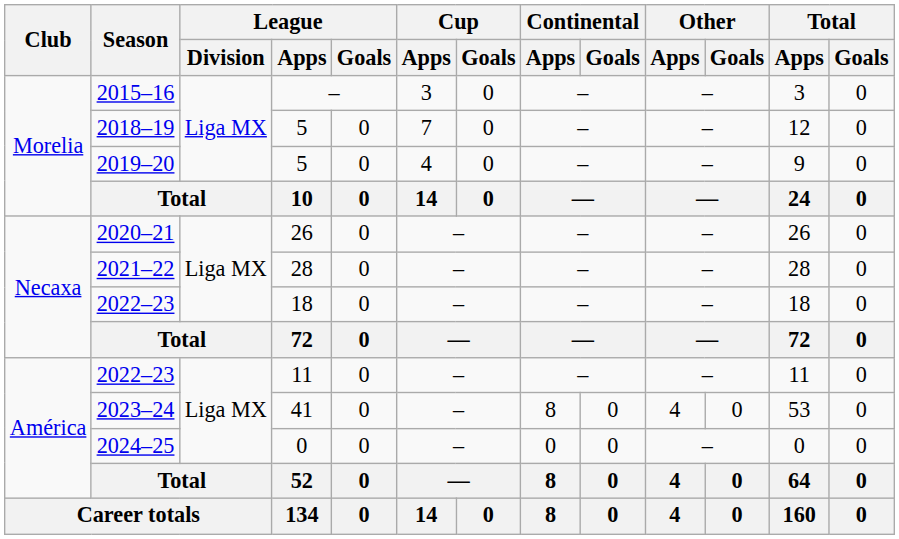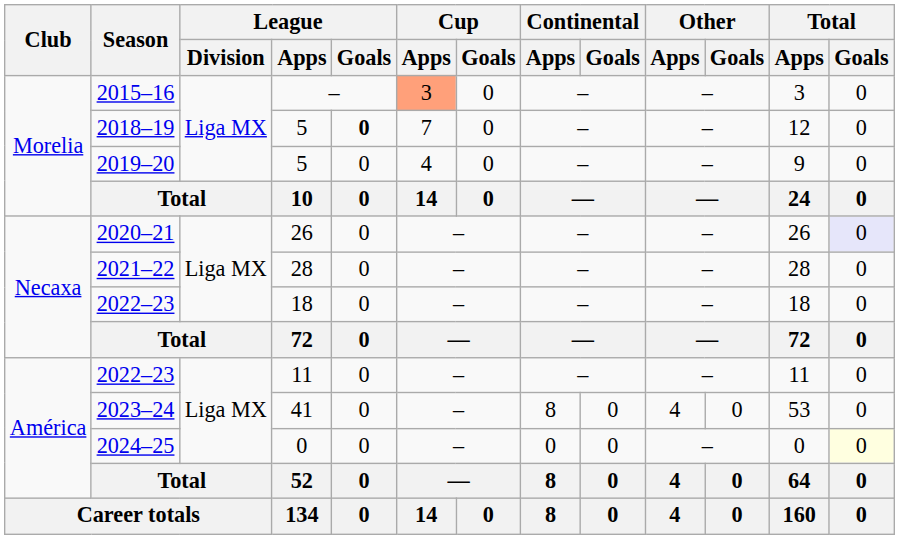 <table class="wikitable" style="text-align: center">
 <tr>
 <th rowspan="2">Club</th>
 <th rowspan="2">Season</th>
 <th colspan="3">League</th>
 <th colspan="2">Cup</th>
 <th colspan="2">Continental</th>
 <th colspan="2">Other</th>
 <th colspan="2">Total</th>
 </tr>
 <tr>
 <th>Division</th>
 <th>Apps</th>
 <th>Goals</th>
 <th>Apps</th>
 <th>Goals</th>
 <th>Apps</th>
 <th>Goals</th>
 <th>Apps</th>
 <th>Goals</th>
 <th>Apps</th>
 <th>Goals</th>
 </tr>
 <tr>
 <td rowspan="4"><a href='#'>Morelia</a></td>
 <td><a href='#'>2015–16</a></td>
 <td rowspan="3"><a href='#'>Liga MX</a></td>
 <td colspan="2">–</td>
-<td>3</td>
+<td style="background: lightsalmon;">3</td>
 <td>0</td>
 <td colspan=2>–</td>
 <td colspan=2>–</td>
 <td>3</td>
 <td>0</td>
 </tr>
 <tr>
 <td><a href='#'>2018–19</a></td>
 <td>5</td>
-<td>0</td>
+<td><strong>0</strong></td>
 <td>7</td>
 <td>0</td>
 <td colspan=2>–</td>
 <td colspan=2>–</td>
 <td>12</td>
 <td>0</td>
 </tr>
 <tr>
 <td><a href='#'>2019–20</a></td>
 <td>5</td>
 <td>0</td>
 <td>4</td>
 <td>0</td>
 <td colspan=2>–</td>
 <td colspan=2>–</td>
 <td>9</td>
 <td>0</td>
 </tr>
 <tr>
 <th colspan="2">Total</th>
 <th>10</th>
 <th>0</th>
 <th>14</th>
 <th>0</th>
 <th colspan=2>—</th>
 <th colspan=2>—</th>
 <th>24</th>
 <th>0</th>
 </tr>
 <tr>
 <td rowspan="4"><a href='#'>Necaxa</a></td>
 <td><a href='#'>2020–21</a></td>
 <td rowspan="3">Liga MX</td>
 <td>26</td>
 <td>0</td>
 <td colspan=2>–</td>
 <td colspan=2>–</td>
 <td colspan=2>–</td>
 <td>26</td>
-<td>0</td>
+<td style="background: lavender;">0</td>
 </tr>
 <tr>
 <td><a href='#'>2021–22</a></td>
 <td>28</td>
 <td>0</td>
 <td colspan=2>–</td>
 <td colspan=2>–</td>
 <td colspan=2>–</td>
 <td>28</td>
 <td>0</td>
 </tr>
 <tr>
 <td><a href='#'>2022–23</a></td>
 <td>18</td>
 <td>0</td>
 <td colspan=2>–</td>
 <td colspan=2>–</td>
 <td colspan=2>–</td>
 <td>18</td>
 <td>0</td>
 </tr>
 <tr>
 <th colspan="2">Total</th>
 <th>72</th>
 <th>0</th>
 <th colspan=2>—</th>
 <th colspan=2>—</th>
 <th colspan=2>—</th>
 <th>72</th>
 <th>0</th>
 </tr>
 <tr>
 <td rowspan="4"><a href='#'>América</a></td>
 <td><a href='#'>2022–23</a></td>
 <td rowspan="3">Liga MX</td>
 <td>11</td>
 <td>0</td>
 <td colspan=2>–</td>
 <td colspan=2>–</td>
 <td colspan=2>–</td>
 <td>11</td>
 <td>0</td>
 </tr>
 <tr>
 <td><a href='#'>2023–24</a></td>
 <td>41</td>
 <td>0</td>
 <td colspan=2>–</td>
 <td>8</td>
 <td>0</td>
 <td>4</td>
 <td>0</td>
 <td>53</td>
 <td>0</td>
 </tr>
 <tr>
 <td><a href='#'>2024–25</a></td>
 <td>0</td>
 <td>0</td>
 <td colspan=2>–</td>
 <td>0</td>
 <td>0</td>
 <td colspan=2>–</td>
 <td>0</td>
-<td>0</td>
+<td style="background: lightyellow;">0</td>
 </tr>
 <tr>
 <th colspan="2">Total</th>
 <th>52</th>
 <th>0</th>
 <th colspan=2>—</th>
 <th>8</th>
 <th>0</th>
 <th>4</th>
 <th>0</th>
 <th>64</th>
 <th>0</th>
 </tr>
 <tr>
 <th colspan=3>Career totals</th>
 <th>134</th>
 <th>0</th>
 <th>14</th>
 <th>0</th>
 <th>8</th>
 <th>0</th>
 <th>4</th>
 <th>0</th>
 <th>160</th>
 <th>0</th>
 </tr>
 </table>
